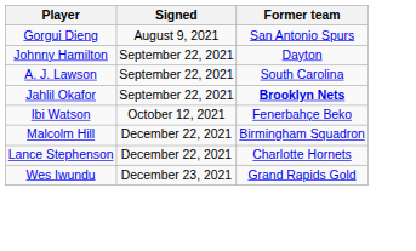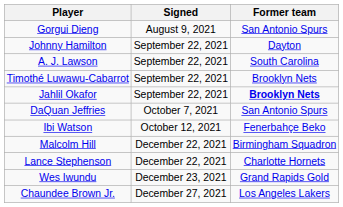 <table class="wikitable sortable sortable" style="text-align: center">
 <tr>
 <th>Player</th>
 <th>Signed</th>
 <th>Former team</th>
 </tr>
 <tr>
 <td><a href='#'>Gorgui Dieng</a></td>
 <td>August 9, 2021</td>
 <td><a href='#'>San Antonio Spurs</a></td>
 </tr>
 <tr>
 <td><a href='#'>Johnny Hamilton</a></td>
 <td>September 22, 2021</td>
 <td><a href='#'>Dayton</a></td>
 </tr>
 <tr>
 <td><a href='#'>A. J. Lawson</a></td>
 <td>September 22, 2021</td>
 <td><a href='#'>South Carolina</a></td>
 </tr>
 <tr>
+<td><a href='#'>Timothé Luwawu-Cabarrot</a></td>
+<td>September 22, 2021</td>
+<td><a href='#'>Brooklyn Nets</a></td>
+</tr>
+<tr>
 <td><a href='#'>Jahlil Okafor</a></td>
 <td>September 22, 2021</td>
 <td><strong><a href='#'>Brooklyn Nets</a></strong></td>
+</tr>
+<tr>
+<td><a href='#'>DaQuan Jeffries</a></td>
+<td>October 7, 2021</td>
+<td><a href='#'>San Antonio Spurs</a></td>
 </tr>
 <tr>
 <td><a href='#'>Ibi Watson</a></td>
 <td>October 12, 2021</td>
 <td><a href='#'>Fenerbahçe Beko</a></td>
 </tr>
 <tr>
 <td><a href='#'>Malcolm Hill</a></td>
 <td>December 22, 2021</td>
 <td><a href='#'>Birmingham Squadron</a></td>
 </tr>
 <tr>
 <td><a href='#'>Lance Stephenson</a></td>
 <td>December 22, 2021</td>
 <td><a href='#'>Charlotte Hornets</a></td>
 </tr>
 <tr>
 <td><a href='#'>Wes Iwundu</a></td>
 <td>December 23, 2021</td>
 <td><a href='#'>Grand Rapids Gold</a></td>
 </tr>
+<tr>
+<td><a href='#'>Chaundee Brown Jr.</a></td>
+<td>December 27, 2021</td>
+<td><a href='#'>Los Angeles Lakers</a></td>
+</tr>
 </table>
